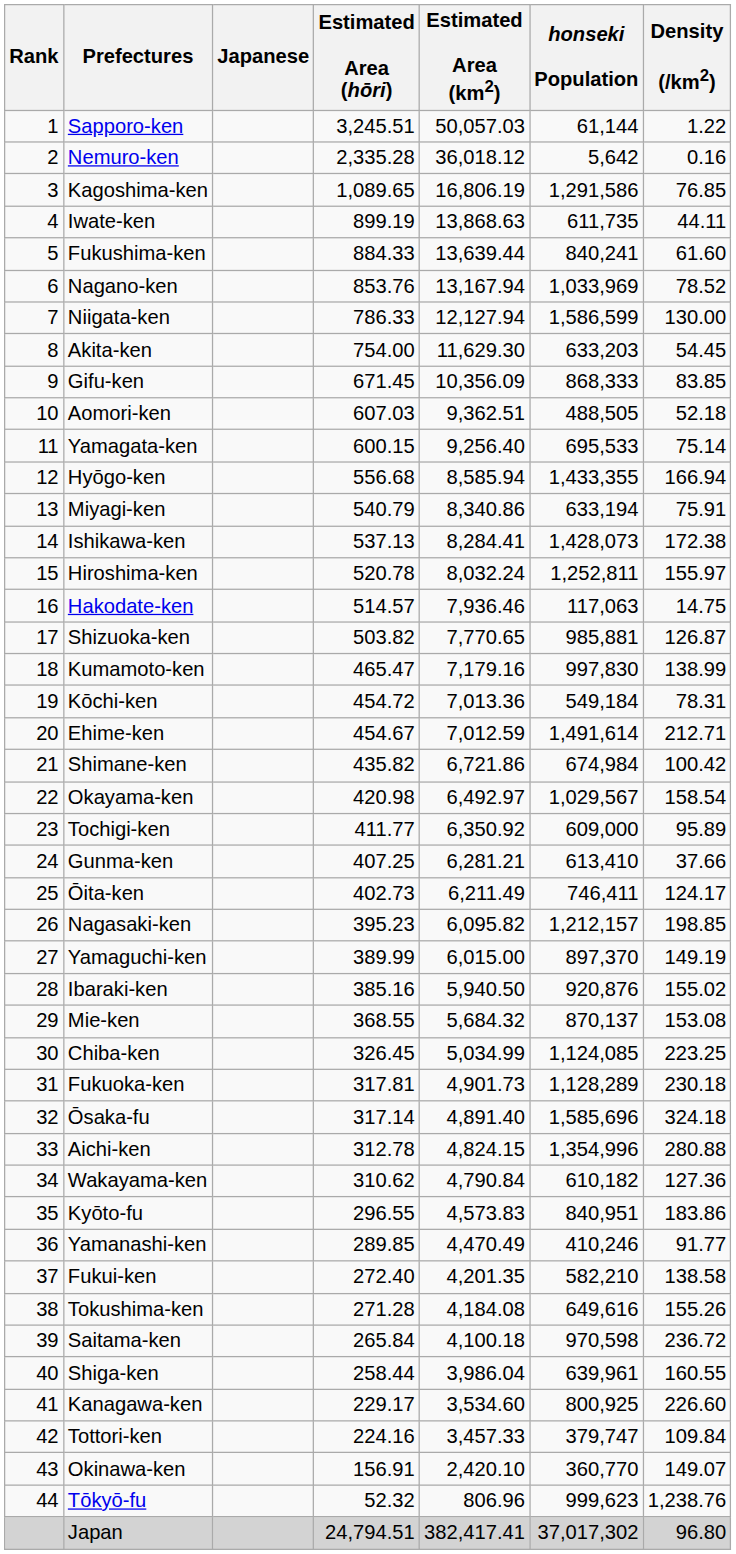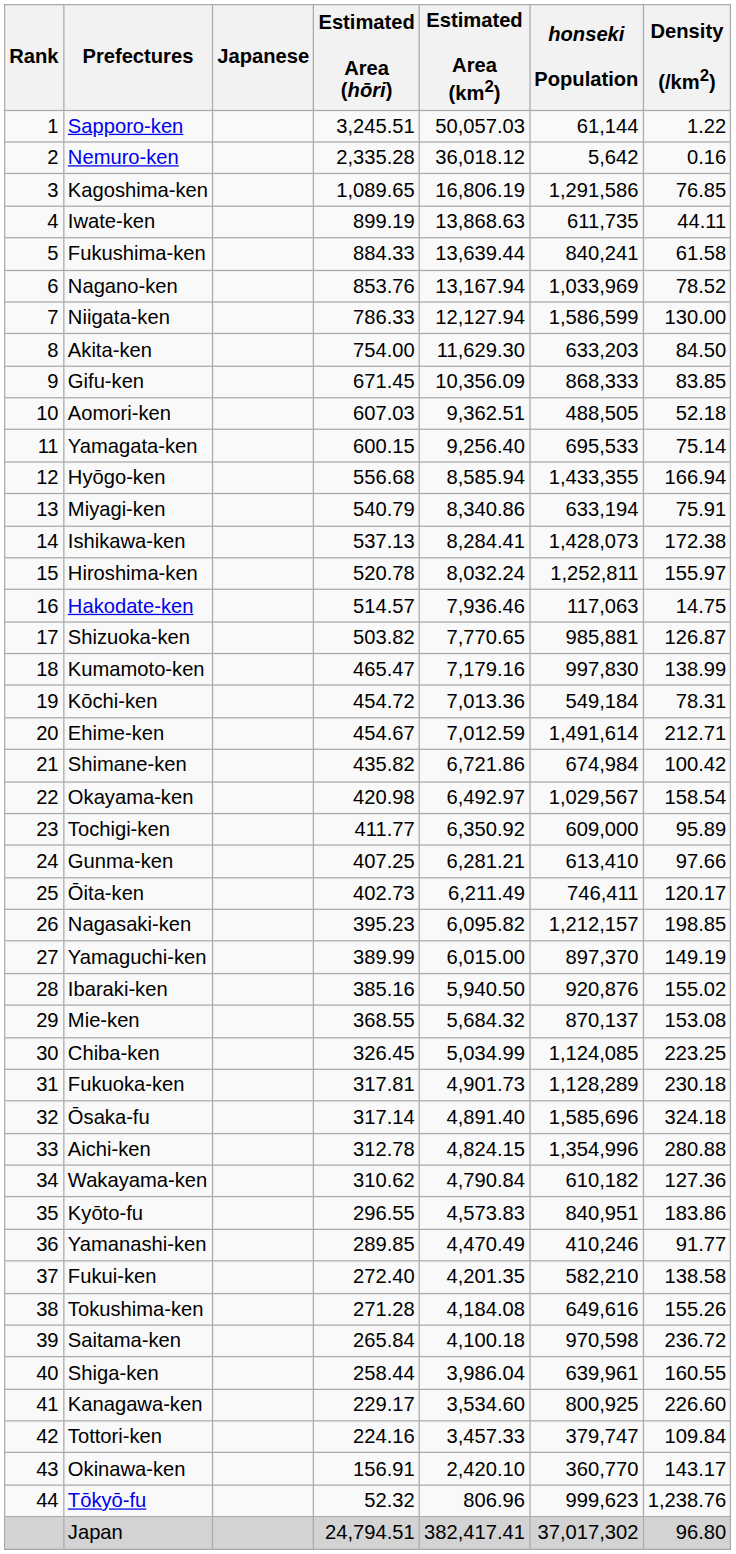 <table class="wikitable sortable" style="text-align:right">
 <tr>
 <th>Rank</th>
 <th>Prefectures</th>
 <th>Japanese</th>
 <th>Estimated<br><br>Area<br> (<em>hōri</em>)</th>
 <th>Estimated<br><br>Area<br> (km<sup>2</sup>)</th>
 <th><em>honseki</em><br><br>Population</th>
 <th>Density<br><br>(/km<sup>2</sup>)</th>
 </tr>
 <tr>
 <td>1</td>
 <td align=left><a href='#'>Sapporo-ken</a></td>
 <td align=left></td>
 <td>3,245.51</td>
 <td>50,057.03</td>
 <td>61,144</td>
 <td>1.22</td>
 </tr>
 <tr>
 <td>2</td>
 <td align=left><a href='#'>Nemuro-ken</a></td>
 <td align=left></td>
 <td>2,335.28</td>
 <td>36,018.12</td>
 <td>5,642</td>
 <td>0.16</td>
 </tr>
 <tr>
 <td>3</td>
 <td align=left>Kagoshima-ken</td>
 <td align=left></td>
 <td>1,089.65</td>
 <td>16,806.19</td>
 <td>1,291,586</td>
 <td>76.85</td>
 </tr>
 <tr>
 <td>4</td>
 <td align=left>Iwate-ken</td>
 <td align=left></td>
 <td>899.19</td>
 <td>13,868.63</td>
 <td>611,735</td>
 <td>44.11</td>
 </tr>
 <tr>
 <td>5</td>
 <td align=left>Fukushima-ken</td>
 <td align=left></td>
 <td>884.33</td>
 <td>13,639.44</td>
 <td>840,241</td>
-<td>61.60</td>
+<td>61.58</td>
 </tr>
 <tr>
 <td>6</td>
 <td align=left>Nagano-ken</td>
 <td align=left></td>
 <td>853.76</td>
 <td>13,167.94</td>
 <td>1,033,969</td>
 <td>78.52</td>
 </tr>
 <tr>
 <td>7</td>
 <td align=left>Niigata-ken</td>
 <td align=left></td>
 <td>786.33</td>
 <td>12,127.94</td>
 <td>1,586,599</td>
 <td>130.00</td>
 </tr>
 <tr>
 <td>8</td>
 <td align=left>Akita-ken</td>
 <td align=left></td>
 <td>754.00</td>
 <td>11,629.30</td>
 <td>633,203</td>
-<td>54.45</td>
+<td>84.50</td>
 </tr>
 <tr>
 <td>9</td>
 <td align=left>Gifu-ken</td>
 <td align=left></td>
 <td>671.45</td>
 <td>10,356.09</td>
 <td>868,333</td>
 <td>83.85</td>
 </tr>
 <tr>
 <td>10</td>
 <td align=left>Aomori-ken</td>
 <td align=left></td>
 <td>607.03</td>
 <td>9,362.51</td>
 <td>488,505</td>
 <td>52.18</td>
 </tr>
 <tr>
 <td>11</td>
 <td align=left>Yamagata-ken</td>
 <td align=left></td>
 <td>600.15</td>
 <td>9,256.40</td>
 <td>695,533</td>
 <td>75.14</td>
 </tr>
 <tr>
 <td>12</td>
 <td align=left>Hyōgo-ken</td>
 <td align=left></td>
 <td>556.68</td>
 <td>8,585.94</td>
 <td>1,433,355</td>
 <td>166.94</td>
 </tr>
 <tr>
 <td>13</td>
 <td align=left>Miyagi-ken</td>
 <td align=left></td>
 <td>540.79</td>
 <td>8,340.86</td>
 <td>633,194</td>
 <td>75.91</td>
 </tr>
 <tr>
 <td>14</td>
 <td align=left>Ishikawa-ken</td>
 <td align=left></td>
 <td>537.13</td>
 <td>8,284.41</td>
 <td>1,428,073</td>
 <td>172.38</td>
 </tr>
 <tr>
 <td>15</td>
 <td align=left>Hiroshima-ken</td>
 <td align=left></td>
 <td>520.78</td>
 <td>8,032.24</td>
 <td>1,252,811</td>
 <td>155.97</td>
 </tr>
 <tr>
 <td>16</td>
 <td align=left><a href='#'>Hakodate-ken</a></td>
 <td align=left></td>
 <td>514.57</td>
 <td>7,936.46</td>
 <td>117,063</td>
 <td>14.75</td>
 </tr>
 <tr>
 <td>17</td>
 <td align=left>Shizuoka-ken</td>
 <td align=left></td>
 <td>503.82</td>
 <td>7,770.65</td>
 <td>985,881</td>
 <td>126.87</td>
 </tr>
 <tr>
 <td>18</td>
 <td align=left>Kumamoto-ken</td>
 <td align=left></td>
 <td>465.47</td>
 <td>7,179.16</td>
 <td>997,830</td>
 <td>138.99</td>
 </tr>
 <tr>
 <td>19</td>
 <td align=left>Kōchi-ken</td>
 <td align=left></td>
 <td>454.72</td>
 <td>7,013.36</td>
 <td>549,184</td>
 <td>78.31</td>
 </tr>
 <tr>
 <td>20</td>
 <td align=left>Ehime-ken</td>
 <td align=left></td>
 <td>454.67</td>
 <td>7,012.59</td>
 <td>1,491,614</td>
 <td>212.71</td>
 </tr>
 <tr>
 <td>21</td>
 <td align=left>Shimane-ken</td>
 <td align=left></td>
 <td>435.82</td>
 <td>6,721.86</td>
 <td>674,984</td>
 <td>100.42</td>
 </tr>
 <tr>
 <td>22</td>
 <td align=left>Okayama-ken</td>
 <td align=left></td>
 <td>420.98</td>
 <td>6,492.97</td>
 <td>1,029,567</td>
 <td>158.54</td>
 </tr>
 <tr>
 <td>23</td>
 <td align=left>Tochigi-ken</td>
 <td align=left></td>
 <td>411.77</td>
 <td>6,350.92</td>
 <td>609,000</td>
 <td>95.89</td>
 </tr>
 <tr>
 <td>24</td>
 <td align=left>Gunma-ken</td>
 <td align=left></td>
 <td>407.25</td>
 <td>6,281.21</td>
 <td>613,410</td>
-<td>37.66</td>
+<td>97.66</td>
 </tr>
 <tr>
 <td>25</td>
 <td align=left>Ōita-ken</td>
 <td align=left></td>
 <td>402.73</td>
 <td>6,211.49</td>
 <td>746,411</td>
-<td>124.17</td>
+<td>120.17</td>
 </tr>
 <tr>
 <td>26</td>
 <td align=left>Nagasaki-ken</td>
 <td align=left></td>
 <td>395.23</td>
 <td>6,095.82</td>
 <td>1,212,157</td>
 <td>198.85</td>
 </tr>
 <tr>
 <td>27</td>
 <td align=left>Yamaguchi-ken</td>
 <td align=left></td>
 <td>389.99</td>
 <td>6,015.00</td>
 <td>897,370</td>
 <td>149.19</td>
 </tr>
 <tr>
 <td>28</td>
 <td align=left>Ibaraki-ken</td>
 <td align=left></td>
 <td>385.16</td>
 <td>5,940.50</td>
 <td>920,876</td>
 <td>155.02</td>
 </tr>
 <tr>
 <td>29</td>
 <td align=left>Mie-ken</td>
 <td align=left></td>
 <td>368.55</td>
 <td>5,684.32</td>
 <td>870,137</td>
 <td>153.08</td>
 </tr>
 <tr>
 <td>30</td>
 <td align=left>Chiba-ken</td>
 <td align=left></td>
 <td>326.45</td>
 <td>5,034.99</td>
 <td>1,124,085</td>
 <td>223.25</td>
 </tr>
 <tr>
 <td>31</td>
 <td align=left>Fukuoka-ken</td>
 <td align=left></td>
 <td>317.81</td>
 <td>4,901.73</td>
 <td>1,128,289</td>
 <td>230.18</td>
 </tr>
 <tr>
 <td>32</td>
 <td align=left>Ōsaka-fu</td>
 <td align=left></td>
 <td>317.14</td>
 <td>4,891.40</td>
 <td>1,585,696</td>
 <td>324.18</td>
 </tr>
 <tr>
 <td>33</td>
 <td align=left>Aichi-ken</td>
 <td align=left></td>
 <td>312.78</td>
 <td>4,824.15</td>
 <td>1,354,996</td>
 <td>280.88</td>
 </tr>
 <tr>
 <td>34</td>
 <td align=left>Wakayama-ken</td>
 <td align=left></td>
 <td>310.62</td>
 <td>4,790.84</td>
 <td>610,182</td>
 <td>127.36</td>
 </tr>
 <tr>
 <td>35</td>
 <td align=left>Kyōto-fu</td>
 <td align=left></td>
 <td>296.55</td>
 <td>4,573.83</td>
 <td>840,951</td>
 <td>183.86</td>
 </tr>
 <tr>
 <td>36</td>
 <td align=left>Yamanashi-ken</td>
 <td align=left></td>
 <td>289.85</td>
 <td>4,470.49</td>
 <td>410,246</td>
 <td>91.77</td>
 </tr>
 <tr>
 <td>37</td>
 <td align=left>Fukui-ken</td>
 <td align=left></td>
 <td>272.40</td>
 <td>4,201.35</td>
 <td>582,210</td>
 <td>138.58</td>
 </tr>
 <tr>
 <td>38</td>
 <td align=left>Tokushima-ken</td>
 <td align=left></td>
 <td>271.28</td>
 <td>4,184.08</td>
 <td>649,616</td>
 <td>155.26</td>
 </tr>
 <tr>
 <td>39</td>
 <td align=left>Saitama-ken</td>
 <td align=left></td>
 <td>265.84</td>
 <td>4,100.18</td>
 <td>970,598</td>
 <td>236.72</td>
 </tr>
 <tr>
 <td>40</td>
 <td align=left>Shiga-ken</td>
 <td align=left></td>
 <td>258.44</td>
 <td>3,986.04</td>
 <td>639,961</td>
 <td>160.55</td>
 </tr>
 <tr>
 <td>41</td>
 <td align=left>Kanagawa-ken</td>
 <td align=left></td>
 <td>229.17</td>
 <td>3,534.60</td>
 <td>800,925</td>
 <td>226.60</td>
 </tr>
 <tr>
 <td>42</td>
 <td align=left>Tottori-ken</td>
 <td align=left></td>
 <td>224.16</td>
 <td>3,457.33</td>
 <td>379,747</td>
 <td>109.84</td>
 </tr>
 <tr>
 <td>43</td>
 <td align=left>Okinawa-ken</td>
 <td align=left></td>
 <td>156.91</td>
 <td>2,420.10</td>
 <td>360,770</td>
-<td>149.07</td>
+<td>143.17</td>
 </tr>
 <tr>
 <td>44</td>
 <td align=left><a href='#'>Tōkyō-fu</a></td>
 <td align=left></td>
 <td>52.32</td>
 <td>806.96</td>
 <td>999,623</td>
 <td>1,238.76</td>
 </tr>
 <tr style="background:lightgrey;">
 <td></td>
 <td align=left>Japan</td>
 <td align=left></td>
 <td>24,794.51</td>
 <td>382,417.41</td>
 <td>37,017,302</td>
 <td>96.80</td>
 </tr>
 <tr>
 </tr>
 </table>
